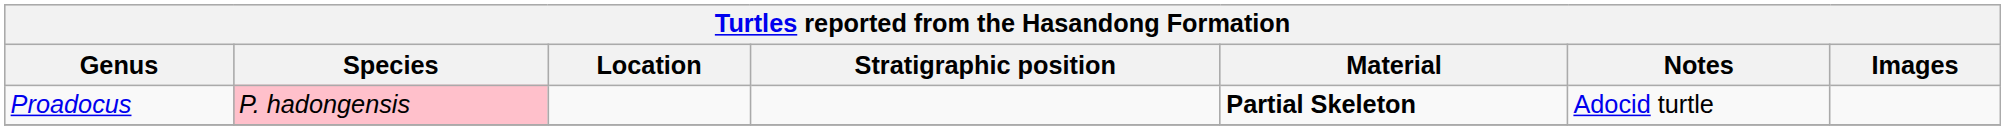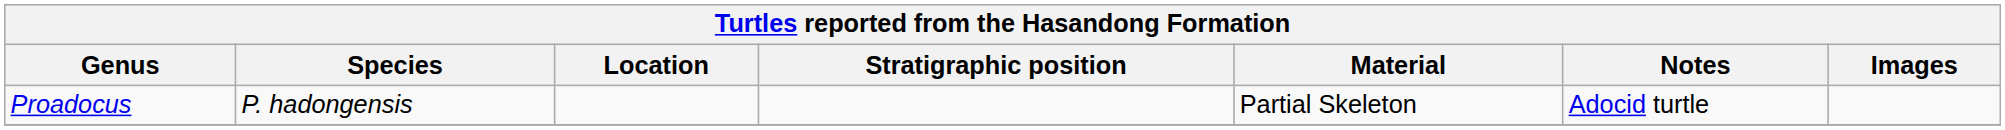 <table class="wikitable" align="center" width="100%">
 <tr>
 <th colspan="7" align="center"><strong><a href='#'>Turtles</a> reported from the Hasandong Formation</strong></th>
 </tr>
 <tr>
 <th>Genus</th>
 <th>Species</th>
 <th>Location</th>
 <th>Stratigraphic position</th>
 <th>Material</th>
 <th>Notes</th>
 <th>Images</th>
 </tr>
 <tr>
 <td><em><a href='#'>Proadocus</a></em></td>
-<td style="background: pink;"><em>P. hadongensis</em></td>
+<td><em>P. hadongensis</em></td>
 <td></td>
 <td></td>
-<td><strong>Partial Skeleton</strong></td>
+<td>Partial Skeleton</td>
 <td><a href='#'>Adocid</a> turtle</td>
 <td></td>
 </tr>
 <tr>
 </tr>
 </table>
